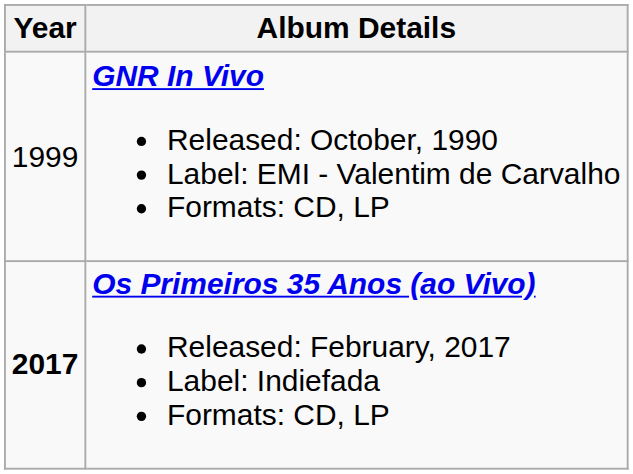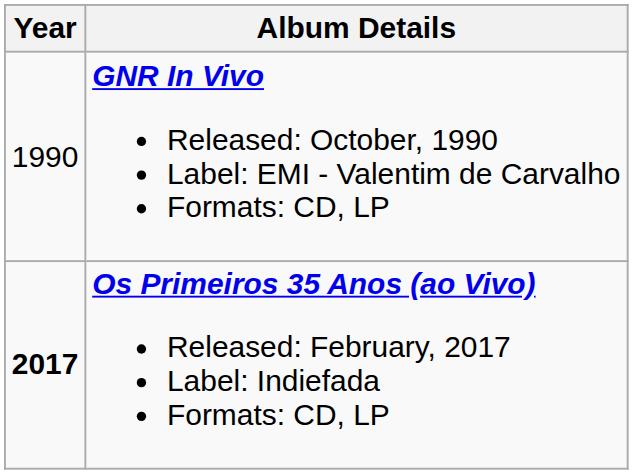 <table class="wikitable">
 <tr>
 <th>Year</th>
 <th>Album Details</th>
 </tr>
 <tr>
-<td>1999</td>
+<td>1990</td>
 <td><strong><em><a href='#'>GNR In Vivo</a></em></strong><br><ul><li>Released: October, 1990</li><li>Label: EMI - Valentim de Carvalho</li><li>Formats: CD, LP</li></ul></td>
 </tr>
 <tr>
 <td><strong>2017</strong></td>
 <td><strong><em><a href='#'>Os Primeiros 35 Anos (ao Vivo)</a></em></strong><br><ul><li>Released: February, 2017</li><li>Label: Indiefada</li><li>Formats: CD, LP</li></ul></td>
 </tr>
 </table>
